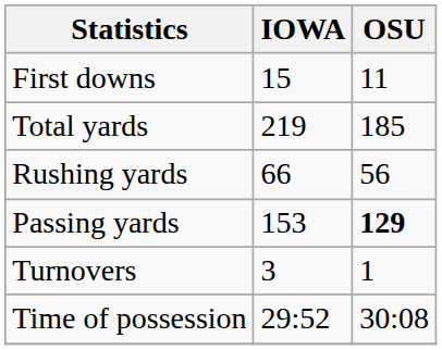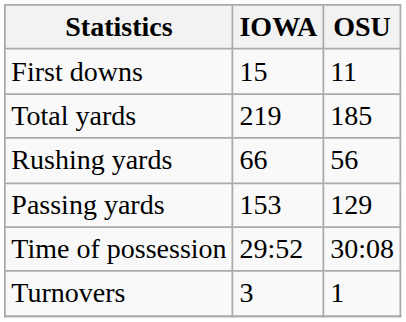 <table class="wikitable">
 <tr>
 <th>Statistics</th>
 <th>IOWA</th>
 <th>OSU</th>
 </tr>
 <tr>
 <td>First downs</td>
 <td>15</td>
 <td>11</td>
 </tr>
 <tr>
 <td>Total yards</td>
 <td>219</td>
 <td>185</td>
 </tr>
 <tr>
 <td>Rushing yards</td>
 <td>66</td>
 <td>56</td>
 </tr>
 <tr>
 <td>Passing yards</td>
 <td>153</td>
-<td><strong>129</strong></td>
+<td>129</td>
+</tr>
+<tr>
+<td>Time of possession</td>
+<td>29:52</td>
+<td>30:08</td>
 </tr>
 <tr>
 <td>Turnovers</td>
 <td>3</td>
 <td>1</td>
 </tr>
 <tr>
-<td>Time of possession</td>
-<td>29:52</td>
-<td>30:08</td>
-</tr>
-<tr>
 </tr>
 </table>
